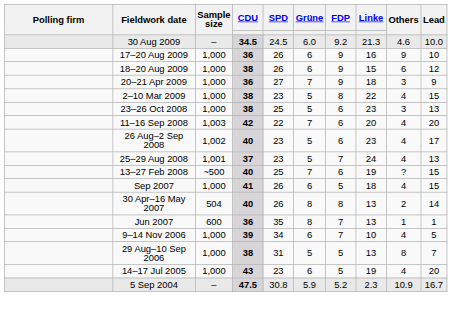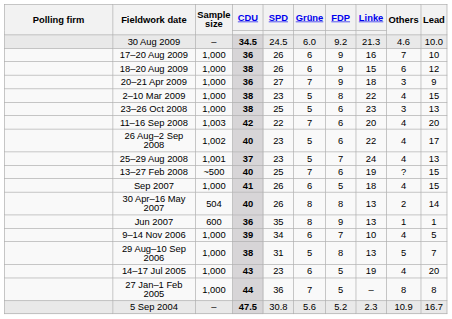 <table class="wikitable sortable" style="text-align:center;font-size:90%;line-height:14px;">
 <tr style="height:40px;">
 <th style="width:160px;" rowspan="2">Polling firm</th>
 <th style="width:120px;" rowspan="2">Fieldwork date</th>
 <th style="width:35px;" rowspan="2">Sample<br>size</th>
 <th class="unsortable" style="width:40px;"><a href='#'>CDU</a></th>
 <th class="unsortable" style="width:40px;"><a href='#'>SPD</a></th>
 <th class="unsortable" style="width:40px;"><a href='#'>Grüne</a></th>
 <th class="unsortable" style="width:40px;"><a href='#'>FDP</a></th>
 <th class="unsortable" style="width:40px;"><a href='#'>Linke</a></th>
 <th class="unsortable" style="width:40px;" rowspan="2">Others</th>
 <th style="width:30px;" rowspan="2">Lead</th>
 </tr>
 <tr>
 <th style="background:"></th>
 <th style="background:"></th>
 <th style="background:"></th>
 <th style="background:"></th>
 <th style="background:"></th>
 </tr>
 <tr style="background:#E9E9E9;">
 <td></td>
 <td data-sort-value="2009-08-30">30 Aug 2009</td>
 <td>–</td>
 <td style="background:#D7D5D7;"><strong>34.5</strong></td>
 <td>24.5</td>
 <td>6.0</td>
 <td>9.2</td>
 <td>21.3</td>
 <td>4.6</td>
 <td style="background:">10.0</td>
 </tr>
 <tr>
 <td></td>
 <td data-sort-value="2009-08-21">17–20 Aug 2009</td>
 <td>1,000</td>
 <td style="background:#D7D5D7;"><strong>36</strong></td>
 <td>26</td>
 <td>6</td>
 <td>9</td>
 <td>16</td>
-<td>9</td>
+<td>7</td>
 <td style="background:">10</td>
 </tr>
 <tr>
 <td></td>
 <td data-sort-value="2009-08-20">18–20 Aug 2009</td>
 <td>1,000</td>
 <td style="background:#D7D5D7;"><strong>38</strong></td>
 <td>26</td>
 <td>6</td>
 <td>9</td>
 <td>15</td>
 <td>6</td>
 <td style="background:">12</td>
 </tr>
 <tr>
 <td></td>
 <td data-sort-value="2009-04-22">20–21 Apr 2009</td>
 <td>1,000</td>
 <td style="background:#D7D5D7;"><strong>36</strong></td>
 <td>27</td>
 <td>7</td>
 <td>9</td>
 <td>18</td>
 <td>3</td>
 <td style="background:">9</td>
 </tr>
 <tr>
 <td></td>
 <td data-sort-value="2009-04-16">2–10 Mar 2009</td>
 <td>1,000</td>
 <td style="background:#D7D5D7;"><strong>38</strong></td>
 <td>23</td>
 <td>5</td>
 <td>8</td>
 <td>22</td>
 <td>4</td>
 <td style="background:">15</td>
 </tr>
 <tr>
 <td></td>
 <td data-sort-value="2008-10-28">23–26 Oct 2008</td>
 <td>1,000</td>
 <td style="background:#D7D5D7;"><strong>38</strong></td>
 <td>25</td>
 <td>5</td>
 <td>6</td>
 <td>23</td>
 <td>3</td>
 <td style="background:">13</td>
 </tr>
 <tr>
 <td></td>
 <td data-sort-value="2008-09-17">11–16 Sep 2008</td>
 <td>1,003</td>
 <td style="background:#D7D5D7;"><strong>42</strong></td>
 <td>22</td>
 <td>7</td>
 <td>6</td>
 <td>20</td>
 <td>4</td>
 <td style="background:">20</td>
 </tr>
 <tr>
 <td></td>
 <td data-sort-value="2008-09-16">26 Aug–2 Sep 2008</td>
 <td>1,002</td>
 <td style="background:#D7D5D7;"><strong>40</strong></td>
 <td>23</td>
 <td>5</td>
 <td>6</td>
-<td>23</td>
+<td>22</td>
 <td>4</td>
 <td style="background:">17</td>
 </tr>
 <tr>
 <td></td>
 <td data-sort-value="2008-09-03">25–29 Aug 2008</td>
 <td>1,001</td>
 <td style="background:#D7D5D7;"><strong>37</strong></td>
 <td>23</td>
 <td>5</td>
 <td>7</td>
 <td>24</td>
 <td>4</td>
 <td style="background:">13</td>
 </tr>
 <tr>
 <td></td>
 <td data-sort-value="2008-03-02">13–27 Feb 2008</td>
 <td>~500</td>
 <td style="background:#D7D5D7;"><strong>40</strong></td>
 <td>25</td>
 <td>7</td>
 <td>6</td>
 <td>19</td>
 <td>?</td>
 <td style="background:">15</td>
 </tr>
 <tr>
 <td></td>
 <td data-sort-value="2007-09-27">Sep 2007</td>
 <td>1,000</td>
 <td style="background:#D7D5D7;"><strong>41</strong></td>
 <td>26</td>
 <td>6</td>
 <td>5</td>
 <td>18</td>
 <td>4</td>
 <td style="background:">15</td>
 </tr>
 <tr>
 <td></td>
 <td data-sort-value="2007-05-20">30 Apr–16 May 2007</td>
 <td>504</td>
 <td style="background:#D7D5D7;"><strong>40</strong></td>
 <td>26</td>
 <td>8</td>
 <td>8</td>
 <td>13</td>
 <td>2</td>
 <td style="background:">14</td>
 </tr>
 <tr>
 <td></td>
 <td data-sort-value="2007-06-30">Jun 2007</td>
 <td>600</td>
 <td style="background:#D7D5D7;"><strong>36</strong></td>
 <td>35</td>
 <td>8</td>
-<td>7</td>
+<td>9</td>
 <td>13</td>
 <td>1</td>
 <td style="background:">1</td>
 </tr>
 <tr>
 <td></td>
 <td data-sort-value="2006-11-16">9–14 Nov 2006</td>
 <td>1,000</td>
 <td style="background:#D7D5D7;"><strong>39</strong></td>
 <td>34</td>
 <td>6</td>
 <td>7</td>
 <td>10</td>
 <td>4</td>
 <td style="background:">5</td>
 </tr>
 <tr>
 <td></td>
 <td data-sort-value="2006-09-26">29 Aug–10 Sep 2006</td>
 <td>1,000</td>
 <td style="background:#D7D5D7;"><strong>38</strong></td>
 <td>31</td>
 <td>5</td>
+<td>8</td>
+<td>13</td>
 <td>5</td>
-<td>13</td>
-<td>8</td>
 <td style="background:">7</td>
 </tr>
 <tr>
 <td></td>
 <td data-sort-value="2005-07-15">14–17 Jul 2005</td>
 <td>1,000</td>
 <td style="background:#D7D5D7;"><strong>43</strong></td>
 <td>23</td>
 <td>6</td>
 <td>5</td>
 <td>19</td>
 <td>4</td>
 <td style="background:">20</td>
 </tr>
+<tr>
+<td></td>
+<td data-sort-value="2005-02-09">27 Jan–1 Feb 2005</td>
+<td>1,000</td>
+<td style="background:#D7D5D7;"><strong>44</strong></td>
+<td>36</td>
+<td>7</td>
+<td>5</td>
+<td>–</td>
+<td>8</td>
+<td style="background:">8</td>
+</tr>
 <tr style="background:#E9E9E9;">
 <td></td>
 <td data-sort-value="2004-09-05">5 Sep 2004</td>
 <td>–</td>
 <td style="background:#D7D5D7;"><strong>47.5</strong></td>
 <td>30.8</td>
-<td>5.9</td>
+<td>5.6</td>
 <td>5.2</td>
 <td>2.3</td>
 <td>10.9</td>
 <td style="background:">16.7</td>
 </tr>
 </table>
